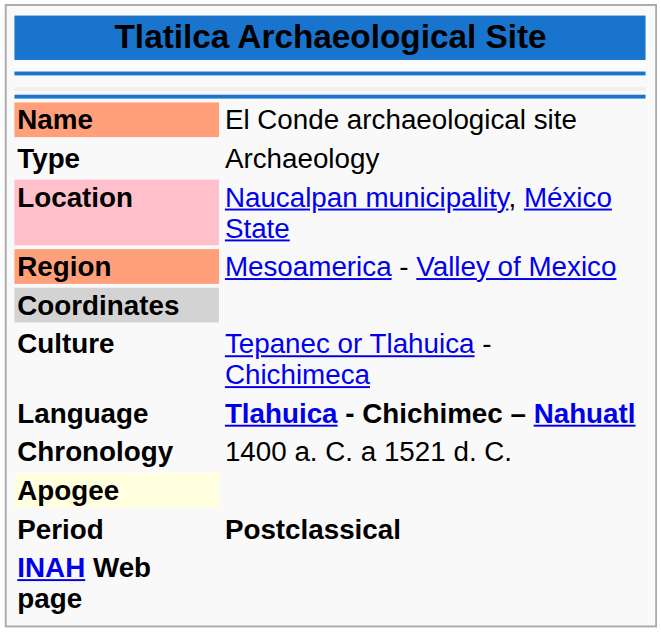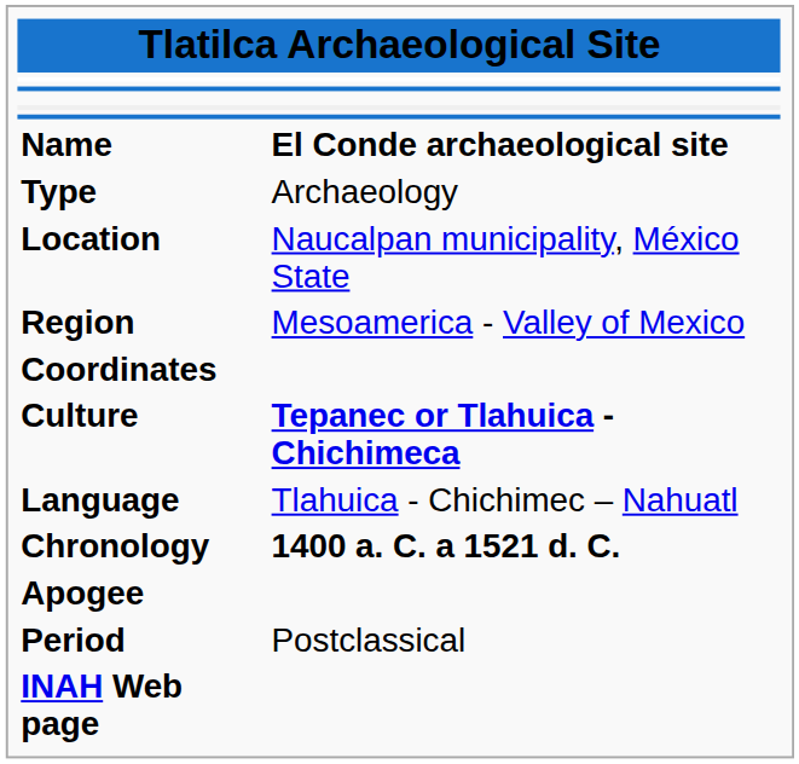 <table class="infobox" style="font-size:90%; text-align:left; width:23.5em">
 <tr>
 <td colspan="3" bgcolor=#1874CD style="text-align: center; font-size: larger;"><span><strong> Tlatilca Archaeological Site</strong></span></td>
 </tr>
 <tr style="vertical-align: top; text-align: center;">
 <td colspan=3 bgcolor="#FFFFFF" align="center"></td>
 </tr>
 <tr>
 <td colspan="2" bgcolor=#1874CD></td>
 </tr>
 <tr>
 <td colspan=2></td>
 </tr>
 <tr>
 <td style="background:#efefef;"align="center" colspan="2"></td>
 </tr>
 <tr>
 <td colspan="2" bgcolor=#1874CD></td>
 </tr>
 <tr>
-<td style="background: lightsalmon;"><strong>Name</strong></td>
-<td><span> El Conde archaeological site</span></td>
+<td><strong>Name</strong></td>
+<td><strong><span> El Conde archaeological site</span></strong></td>
 </tr>
 <tr>
 <td><strong>Type</strong></td>
 <td>Archaeology</td>
 </tr>
 <tr>
-<td style="background: pink;"><strong>Location</strong></td>
+<td><strong>Location</strong></td>
 <td><a href='#'>Naucalpan municipality</a>, <a href='#'>México State</a><br></td>
 </tr>
 <tr>
-<td style="background: lightsalmon;"><strong>Region</strong></td>
+<td><strong>Region</strong></td>
 <td><a href='#'>Mesoamerica</a> - <a href='#'>Valley of Mexico</a></td>
 </tr>
 <tr>
-<td style="background: lightgrey;"><strong>Coordinates</strong></td>
+<td><strong>Coordinates</strong></td>
 <td></td>
 </tr>
 <tr>
 <td><strong>Culture</strong></td>
-<td><a href='#'>Tepanec or Tlahuica</a> - <a href='#'>Chichimeca</a></td>
+<td><strong><a href='#'>Tepanec or Tlahuica</a> - <a href='#'>Chichimeca</a></strong></td>
 </tr>
 <tr>
 <td><strong>Language</strong></td>
-<td><strong><a href='#'>Tlahuica</a> - Chichimec – <a href='#'>Nahuatl</a></strong></td>
+<td><a href='#'>Tlahuica</a> - Chichimec – <a href='#'>Nahuatl</a></td>
 </tr>
 <tr>
 <td><strong>Chronology</strong></td>
-<td>1400 a. C. a 1521 d. C.</td>
+<td><strong>1400 a. C. a 1521 d. C.</strong></td>
 </tr>
 <tr>
-<td style="background: lightyellow;"><strong>Apogee</strong></td>
+<td><strong>Apogee</strong></td>
 <td></td>
 </tr>
 <tr>
 <td><strong>Period</strong></td>
-<td><strong>Postclassical</strong></td>
+<td>Postclassical</td>
 </tr>
 <tr>
 <td><strong> <a href='#'>INAH</a> Web page </strong></td>
 <td></td>
 </tr>
 </table>
